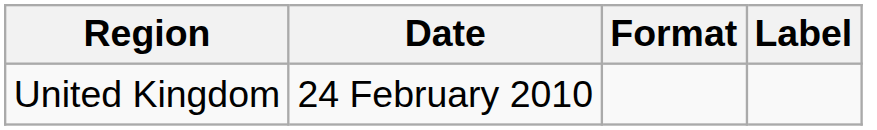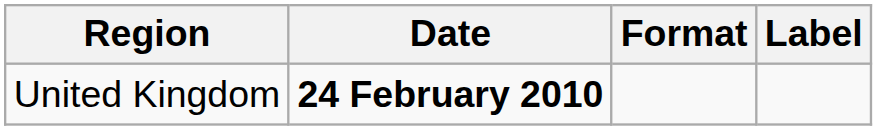 <table class="wikitable">
 <tr>
 <th>Region</th>
 <th>Date</th>
 <th>Format</th>
 <th>Label</th>
 </tr>
 <tr>
 <td rowspan=2>United Kingdom</td>
-<td>24 February 2010</td>
+<td><strong>24 February 2010</strong></td>
 <td></td>
 <td></td>
 </tr>
 </table>
